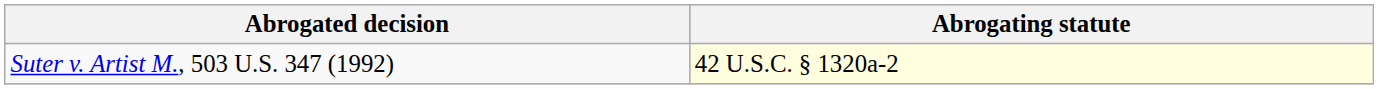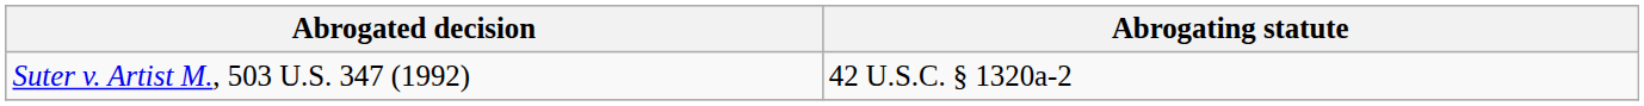 <table class="wikitable" style="width:100%; margin:auto;">
 <tr>
 <th style="width:50%;">Abrogated decision</th>
 <th style="width:50%;">Abrogating statute</th>
 </tr>
 <tr>
 <td><em><a href='#'>Suter v. Artist M.</a></em>, 503 U.S. 347 (1992)</td>
-<td style="background: lightyellow;">42 U.S.C. § 1320a-2</td>
+<td>42 U.S.C. § 1320a-2</td>
 </tr>
 </table>
